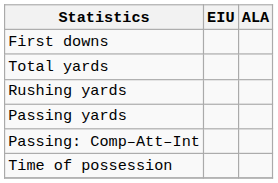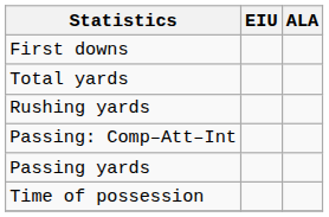 <table class="wikitable" style="float: left;">
 <tr>
 <th>Statistics</th>
 <th>EIU</th>
 <th>ALA</th>
 </tr>
 <tr>
 <td>First downs</td>
 <td></td>
 <td></td>
 </tr>
 <tr>
 <td>Total yards</td>
 <td></td>
 <td></td>
 </tr>
 <tr>
 <td>Rushing yards</td>
 <td></td>
 <td></td>
 </tr>
 <tr>
-<td>Passing yards</td>
+<td>Passing: Comp–Att–Int</td>
 <td></td>
 <td></td>
 </tr>
 <tr>
-<td>Passing: Comp–Att–Int</td>
+<td>Passing yards</td>
 <td></td>
 <td></td>
 </tr>
 <tr>
 <td>Time of possession</td>
 <td></td>
 <td></td>
 </tr>
 <tr>
 </tr>
 </table>
